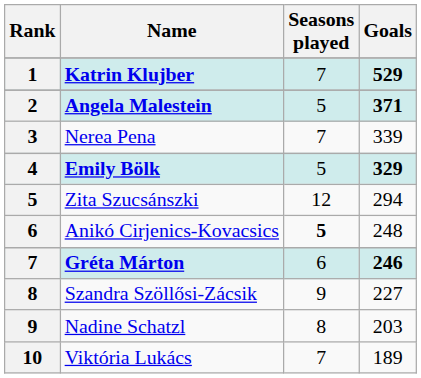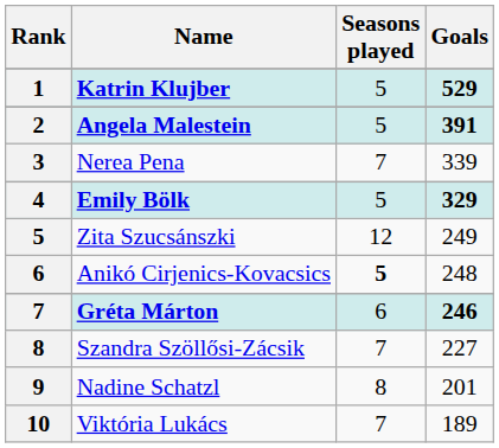 <table class="wikitable" style="text-align: center;">
 <tr>
 <th>Rank</th>
 <th class="unsortable">Name</th>
 <th>Seasons<br>played</th>
 <th>Goals</th>
 </tr>
 <tr>
 </tr>
 <tr style="background-color: #CFECEC;">
 <th rowspan="1">1</th>
 <td style="text-align: left;"> <strong><a href='#'>Katrin Klujber</a></strong></td>
-<td>7</td>
+<td>5</td>
 <td><strong>529</strong></td>
 </tr>
 <tr>
 </tr>
 <tr style="background-color: #CFECEC;">
 <th rowspan="1">2</th>
 <td style="text-align: left;"> <strong><a href='#'>Angela Malestein</a></strong></td>
 <td>5</td>
-<td><strong>371</strong></td>
+<td><strong>391</strong></td>
 </tr>
 <tr>
 <th rowspan="1">3</th>
 <td style="text-align: left;"> <a href='#'>Nerea Pena</a></td>
 <td>7</td>
 <td>339</td>
 </tr>
 <tr>
 </tr>
 <tr style="background-color: #CFECEC;">
 <th rowspan="1">4</th>
 <td style="text-align: left;"> <strong><a href='#'>Emily Bölk</a></strong></td>
 <td>5</td>
 <td><strong>329</strong></td>
 </tr>
 <tr>
 <th rowspan="1">5</th>
 <td style="text-align: left;"> <a href='#'>Zita Szucsánszki</a></td>
 <td>12</td>
-<td>294</td>
+<td>249</td>
 </tr>
 <tr>
 <th rowspan="1">6</th>
 <td style="text-align: left;"> <a href='#'>Anikó Cirjenics-Kovacsics</a></td>
 <td><strong>5</strong></td>
 <td>248</td>
 </tr>
 <tr>
 </tr>
 <tr style="background-color: #CFECEC;">
 <th rowspan="1">7</th>
 <td style="text-align: left;"> <strong><a href='#'>Gréta Márton</a></strong></td>
 <td>6</td>
 <td><strong>246</strong></td>
 </tr>
 <tr>
 <th rowspan="1">8</th>
 <td style="text-align: left;"> <a href='#'>Szandra Szöllősi-Zácsik</a></td>
-<td>9</td>
+<td>7</td>
 <td>227</td>
 </tr>
 <tr>
 <th rowspan="1">9</th>
 <td style="text-align: left;"> <a href='#'>Nadine Schatzl</a></td>
 <td>8</td>
-<td>203</td>
+<td>201</td>
 </tr>
 <tr>
 <th rowspan="1">10</th>
 <td style="text-align: left;"> <a href='#'>Viktória Lukács</a></td>
 <td>7</td>
 <td>189</td>
 </tr>
 </table>
